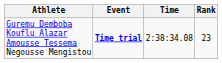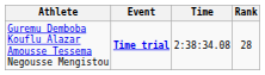 <table class=wikitable style="font-size:90%">
 <tr>
 <th>Athlete</th>
 <th>Event</th>
 <th>Time</th>
 <th>Rank</th>
 </tr>
 <tr align=center>
 <td align=left><a href='#'>Guremu Demboba</a><br><a href='#'>Kouflu Alazar</a><br><a href='#'>Amousse Tessema</a><br>Negousse Mengistou</td>
 <td align=left><strong><a href='#'>Time trial</a></strong></td>
 <td>2:38:34.08</td>
-<td>23</td>
+<td>28</td>
 </tr>
 </table>
